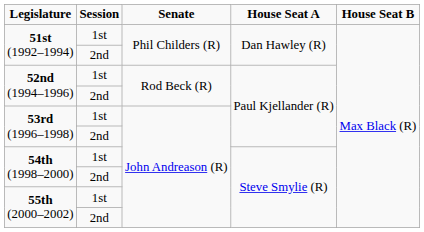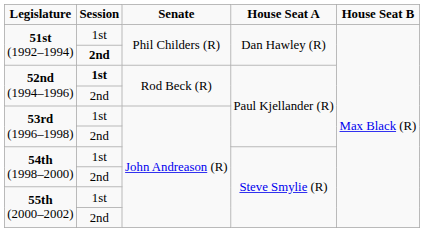 <table class=wikitable style="text-align:center">
 <tr>
 <td><strong>Legislature</strong></td>
 <td><strong>Session</strong></td>
 <td><strong>Senate</strong></td>
 <td><strong>House Seat A</strong></td>
 <td><strong>House Seat B</strong></td>
 </tr>
 <tr>
 <td rowspan="2" colspan="1" style="text-align: center;"><strong>51st</strong> <br> (1992–1994)</td>
 <td>1st</td>
 <td rowspan="2" colspan="1" style="text-align: center;" >Phil Childers (R)</td>
 <td rowspan="2" colspan="1" style="text-align: center;" >Dan Hawley (R)</td>
 <td rowspan="10" colspan="1" style="text-align: center;" ><a href='#'>Max Black</a> (R)</td>
 </tr>
 <tr>
-<td>2nd</td>
+<td><strong>2nd</strong></td>
 </tr>
 <tr>
 <td rowspan="2" colspan="1" style="text-align: center;"><strong>52nd</strong> <br> (1994–1996)</td>
-<td>1st</td>
+<td><strong>1st</strong></td>
 <td rowspan="2" colspan="1" style="text-align: center;" >Rod Beck (R)</td>
 <td rowspan="4" colspan="1" style="text-align: center;" >Paul Kjellander (R)</td>
 </tr>
 <tr>
 <td>2nd</td>
 </tr>
 <tr>
 <td rowspan="2" colspan="1" style="text-align: center;"><strong>53rd</strong> <br> (1996–1998)</td>
 <td>1st</td>
 <td rowspan="6" colspan="1" style="text-align: center;" ><a href='#'>John Andreason</a> (R)</td>
 </tr>
 <tr>
 <td>2nd</td>
 </tr>
 <tr>
 <td rowspan="2" colspan="1" style="text-align: center;"><strong>54th</strong> <br> (1998–2000)</td>
 <td>1st</td>
 <td rowspan="4" colspan="1" style="text-align: center;" ><a href='#'>Steve Smylie</a> (R)</td>
 </tr>
 <tr>
 <td>2nd</td>
 </tr>
 <tr>
 <td rowspan="2" colspan="1" style="text-align: center;"><strong>55th</strong> <br> (2000–2002)</td>
 <td>1st</td>
 </tr>
 <tr>
 <td>2nd</td>
 </tr>
 </table>
